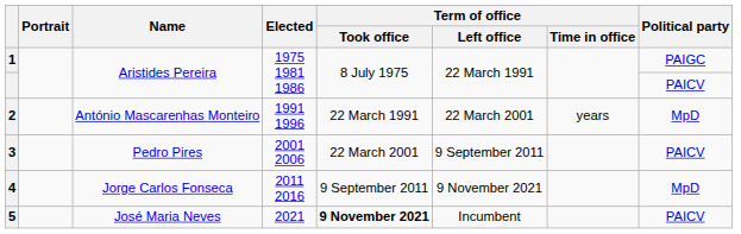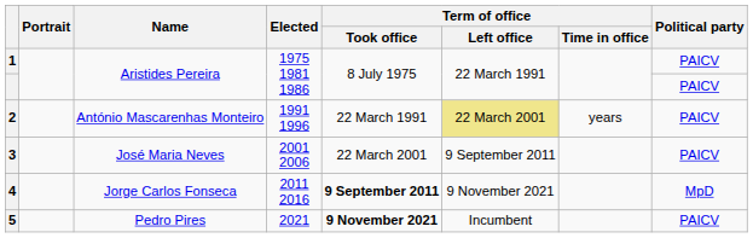 <table class="wikitable" style="text-align:center">
 <tr>
 <th rowspan="2"></th>
 <th rowspan="2">Portrait</th>
 <th rowspan="2">Name<br></th>
 <th rowspan="2">Elected</th>
 <th colspan="3">Term of office</th>
 <th rowspan="2">Political party</th>
 </tr>
 <tr>
 <th>Took office</th>
 <th>Left office</th>
 <th>Time in office</th>
 </tr>
 <tr>
 <th style="background:">1</th>
 <td rowspan=2></td>
 <td rowspan=2><a href='#'>Aristides Pereira</a><br></td>
 <td rowspan=2><a href='#'>1975</a><br><a href='#'>1981</a><br><a href='#'>1986</a></td>
 <td rowspan=2>8 July 1975</td>
 <td rowspan=2>22 March 1991</td>
 <td rowspan=2></td>
-<td><a href='#'>PAIGC</a><br></td>
+<td><a href='#'>PAICV</a></td>
 </tr>
 <tr>
 <th style="background:"></th>
 <td><a href='#'>PAICV</a><br></td>
 </tr>
 <tr>
 <th style="background:">2</th>
 <td></td>
 <td><a href='#'>António Mascarenhas Monteiro</a><br></td>
 <td><a href='#'>1991</a><br><a href='#'>1996</a></td>
 <td>22 March 1991</td>
-<td>22 March 2001</td>
+<td style="background: khaki;">22 March 2001</td>
 <td> years</td>
-<td><a href='#'>MpD</a></td>
+<td><a href='#'>PAICV</a></td>
 </tr>
 <tr>
 <th style="background:">3</th>
 <td></td>
-<td><a href='#'>Pedro Pires</a><br></td>
+<td><a href='#'>José Maria Neves</a><br></td>
 <td><a href='#'>2001</a><br><a href='#'>2006</a></td>
 <td>22 March 2001</td>
 <td>9 September 2011</td>
 <td></td>
 <td><a href='#'>PAICV</a></td>
 </tr>
 <tr>
 <th style="background:">4</th>
 <td></td>
 <td><a href='#'>Jorge Carlos Fonseca</a><br></td>
 <td><a href='#'>2011</a><br><a href='#'>2016</a></td>
-<td>9 September 2011</td>
+<td><strong>9 September 2011</strong></td>
 <td>9 November 2021</td>
 <td></td>
 <td><a href='#'>MpD</a></td>
 </tr>
 <tr>
 <th style="background:">5</th>
 <td></td>
-<td><a href='#'>José Maria Neves</a><br></td>
+<td><a href='#'>Pedro Pires</a><br></td>
 <td><a href='#'>2021</a></td>
 <td><strong>9 November 2021</strong></td>
 <td>Incumbent</td>
 <td></td>
 <td><a href='#'>PAICV</a></td>
 </tr>
 </table>
